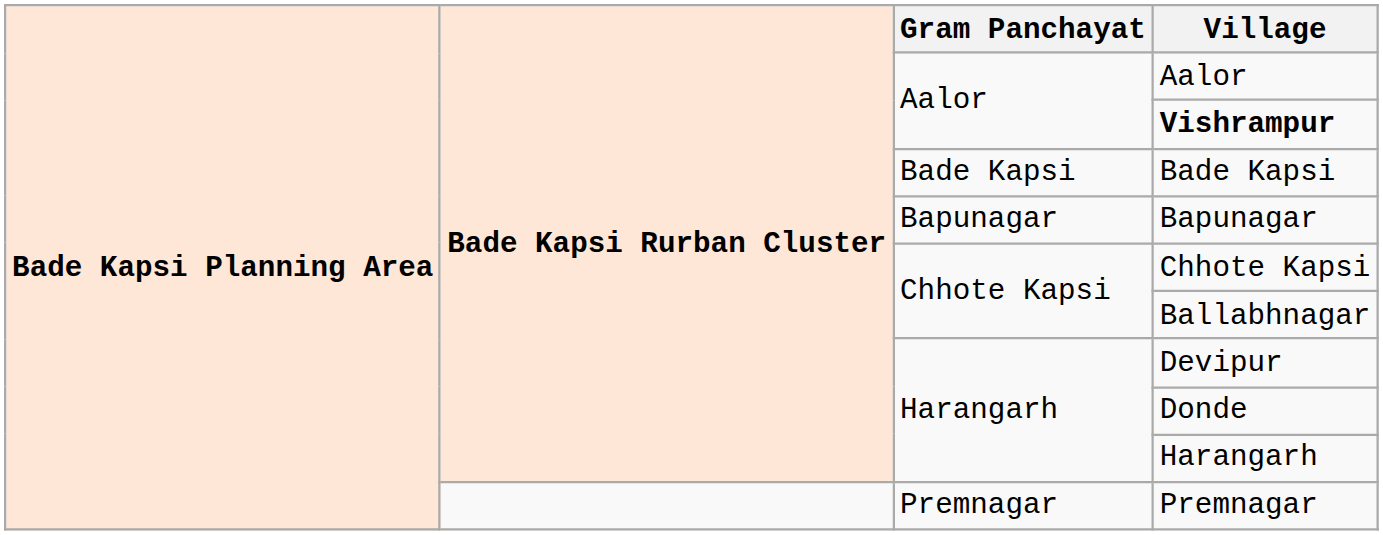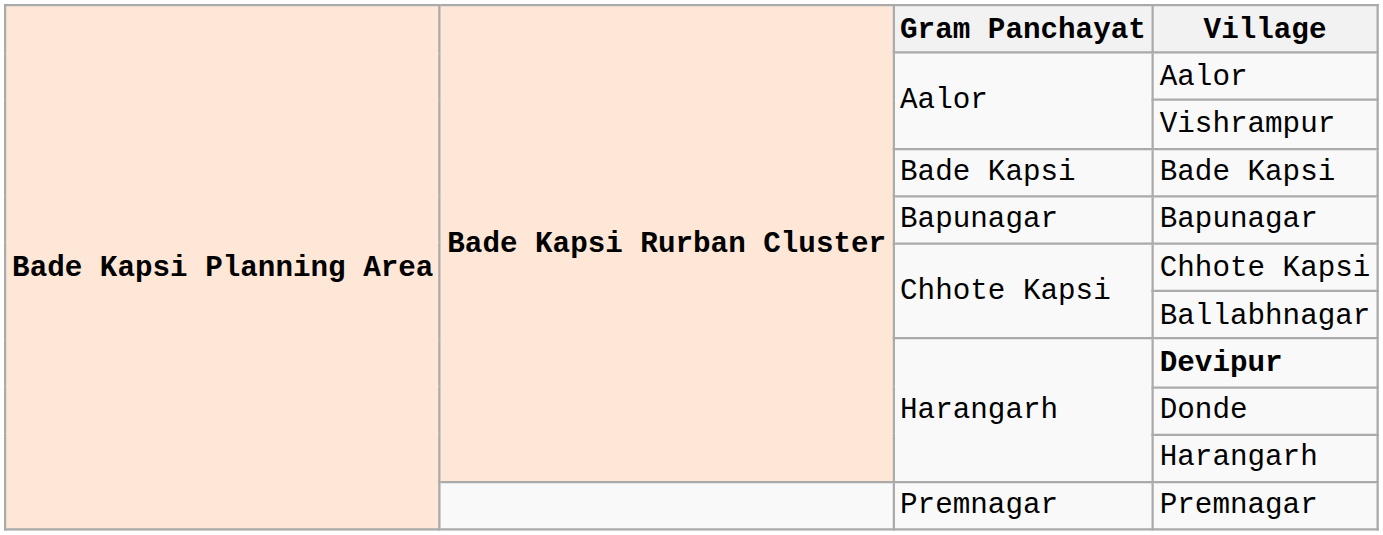 <table class="wikitable">
 <tr>
 <th style="background: #FEE7D6;" rowspan="11">Bade Kapsi Planning Area</th>
 <th style="background: #FEE7D6;" rowspan="10">Bade Kapsi Rurban Cluster</th>
 <th>Gram Panchayat</th>
 <th>Village</th>
 </tr>
 <tr>
 <td rowspan="2">Aalor</td>
 <td>Aalor</td>
 </tr>
 <tr>
-<td><strong>Vishrampur</strong></td>
+<td>Vishrampur</td>
 </tr>
 <tr>
 <td>Bade Kapsi</td>
 <td>Bade Kapsi</td>
 </tr>
 <tr>
 <td>Bapunagar</td>
 <td>Bapunagar</td>
 </tr>
 <tr>
 <td rowspan="2">Chhote Kapsi</td>
 <td>Chhote Kapsi</td>
 </tr>
 <tr>
 <td>Ballabhnagar</td>
 </tr>
 <tr>
 <td rowspan="3">Harangarh</td>
-<td>Devipur</td>
+<td><strong>Devipur</strong></td>
 </tr>
 <tr>
 <td>Donde</td>
 </tr>
 <tr>
 <td>Harangarh</td>
 </tr>
 <tr>
 <td></td>
 <td>Premnagar</td>
 <td>Premnagar</td>
 </tr>
 </table>
